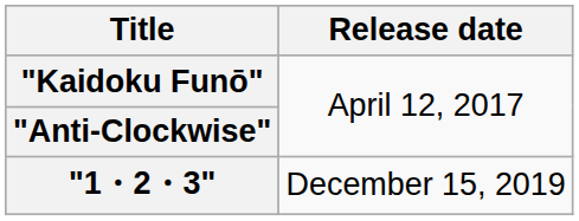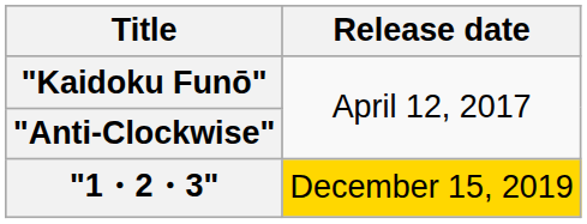 <table class="wikitable plainrowheaders" style="text-align:center">
 <tr>
 <th scope="col">Title</th>
 <th scope="col">Release date</th>
 </tr>
 <tr>
 <th scope="row">"Kaidoku Funō"</th>
 <td rowspan="2">April 12, 2017</td>
 </tr>
 <tr>
 <th scope="row">"Anti-Clockwise"</th>
 </tr>
 <tr>
 <th scope="row">"1・2・3"</th>
-<td>December 15, 2019</td>
+<td style="background: gold;">December 15, 2019</td>
 </tr>
 </table>
